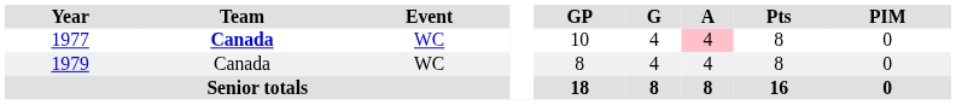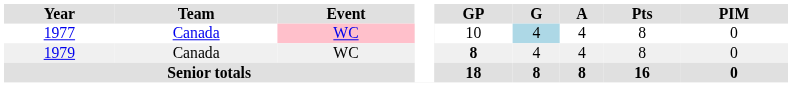 <table border="0" cellpadding="1" cellspacing="0" style="text-align:center; width:50em">
 <tr ALIGN="center" bgcolor="#e0e0e0">
 <th>Year</th>
 <th>Team</th>
 <th>Event</th>
 <th rowspan="99" bgcolor="#ffffff"> </th>
 <th>GP</th>
 <th>G</th>
 <th>A</th>
 <th>Pts</th>
 <th>PIM</th>
 </tr>
 <tr>
 <td><a href='#'>1977</a></td>
-<td><strong><a href='#'>Canada</a></strong></td>
-<td><a href='#'>WC</a></td>
+<td><a href='#'>Canada</a></td>
+<td style="background: pink;"><a href='#'>WC</a></td>
 <td>10</td>
+<td style="background: lightblue;">4</td>
 <td>4</td>
-<td style="background: pink;">4</td>
 <td>8</td>
 <td>0</td>
 </tr>
 <tr bgcolor="#f0f0f0">
 <td><a href='#'>1979</a></td>
 <td>Canada</td>
 <td>WC</td>
-<td>8</td>
+<td><strong>8</strong></td>
 <td>4</td>
 <td>4</td>
 <td>8</td>
 <td>0</td>
 </tr>
 <tr bgcolor="#e0e0e0">
 <th colspan=3>Senior totals</th>
 <th>18</th>
 <th>8</th>
 <th>8</th>
 <th>16</th>
 <th>0</th>
 </tr>
 </table>
